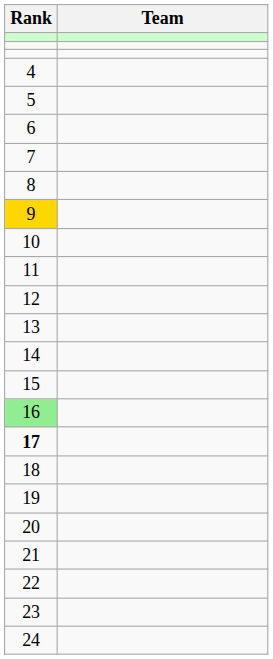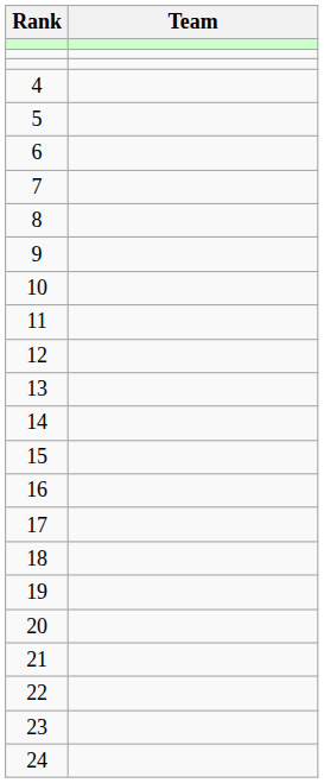 <table class="wikitable" style="text-align:center">
 <tr>
 <th width=40>Rank</th>
 <th width=180>Team</th>
 </tr>
 <tr bgcolor=#ccffcc>
 <td></td>
 <td style="text-align:left"></td>
 </tr>
 <tr>
 <td></td>
 <td style="text-align:left"></td>
 </tr>
 <tr>
 <td></td>
 <td style="text-align:left"></td>
 </tr>
 <tr>
 <td>4</td>
 <td style="text-align:left"></td>
 </tr>
 <tr>
 <td>5</td>
 <td style="text-align:left"></td>
 </tr>
 <tr>
 <td>6</td>
 <td style="text-align:left"></td>
 </tr>
 <tr>
 <td>7</td>
 <td style="text-align:left"></td>
 </tr>
 <tr>
 <td>8</td>
 <td style="text-align:left"></td>
 </tr>
 <tr>
-<td style="background: gold;">9</td>
+<td>9</td>
 <td style="text-align:left"></td>
 </tr>
 <tr>
 <td>10</td>
 <td style="text-align:left"></td>
 </tr>
 <tr>
 <td>11</td>
 <td style="text-align:left"></td>
 </tr>
 <tr>
 <td>12</td>
 <td style="text-align:left"></td>
 </tr>
 <tr>
 <td>13</td>
 <td style="text-align:left"></td>
 </tr>
 <tr>
 <td>14</td>
 <td style="text-align:left"></td>
 </tr>
 <tr>
 <td>15</td>
 <td style="text-align:left"></td>
 </tr>
 <tr>
-<td style="background: lightgreen;">16</td>
+<td>16</td>
 <td style="text-align:left"></td>
 </tr>
 <tr>
-<td><strong>17</strong></td>
+<td>17</td>
 <td style="text-align:left"></td>
 </tr>
 <tr>
 <td>18</td>
 <td style="text-align:left"></td>
 </tr>
 <tr>
 <td>19</td>
 <td style="text-align:left"></td>
 </tr>
 <tr>
 <td>20</td>
 <td style="text-align:left"></td>
 </tr>
 <tr>
 <td>21</td>
 <td style="text-align:left"></td>
 </tr>
 <tr>
 <td>22</td>
 <td style="text-align:left"></td>
 </tr>
 <tr>
 <td>23</td>
 <td style="text-align:left"></td>
 </tr>
 <tr>
 <td>24</td>
 <td style="text-align:left"></td>
 </tr>
 </table>
